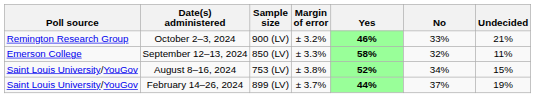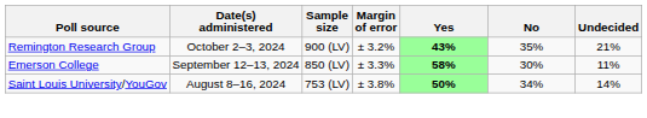 <table class="wikitable" style="font-size:90%;text-align:center;">
 <tr valign=bottom>
 <th>Poll source</th>
 <th>Date(s)<br>administered</th>
 <th>Sample<br>size</th>
 <th>Margin<br>of error</th>
 <th style="width:100px;">Yes</th>
 <th style="width:100px;">No</th>
 <th>Undecided</th>
 </tr>
 <tr>
 <td style="text-align:left;"><a href='#'>Remington Research Group</a></td>
 <td>October 2–3, 2024</td>
 <td>900 (LV)</td>
 <td>± 3.2%</td>
-<td style="background: rgb(153, 255, 153);"><strong>46%</strong></td>
-<td>33%</td>
+<td style="background: rgb(153, 255, 153);"><strong>43%</strong></td>
+<td>35%</td>
 <td>21%</td>
 </tr>
 <tr>
 <td style="text-align:left;"><a href='#'>Emerson College</a></td>
 <td>September 12–13, 2024</td>
 <td>850 (LV)</td>
 <td>± 3.3%</td>
 <td style="background: rgb(153, 255, 153);"><strong>58%</strong></td>
-<td>32%</td>
+<td>30%</td>
 <td>11%</td>
 </tr>
 <tr>
 <td style="text-align:left;"><a href='#'>Saint Louis University</a>/<a href='#'>YouGov</a></td>
 <td>August 8–16, 2024</td>
 <td>753 (LV)</td>
 <td>± 3.8%</td>
-<td style="background: rgb(153, 255, 153);"><strong>52%</strong></td>
+<td style="background: rgb(153, 255, 153);"><strong>50%</strong></td>
 <td>34%</td>
-<td>15%</td>
-</tr>
-<tr>
-<td style="text-align:left;"><a href='#'>Saint Louis University</a>/<a href='#'>YouGov</a></td>
-<td>February 14–26, 2024</td>
-<td>899 (LV)</td>
-<td>± 3.7%</td>
-<td style="background: rgb(153, 255, 153);"><strong>44%</strong></td>
-<td>37%</td>
-<td>19%</td>
+<td>14%</td>
 </tr>
 </table>
